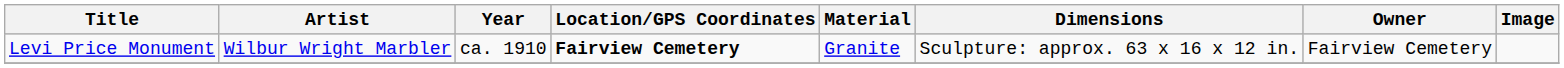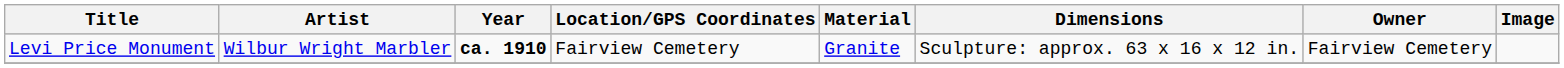 <table class="wikitable sortable">
 <tr>
 <th>Title</th>
 <th>Artist</th>
 <th>Year</th>
 <th>Location/GPS Coordinates</th>
 <th>Material</th>
 <th>Dimensions</th>
 <th>Owner</th>
 <th>Image</th>
 </tr>
 <tr>
 <td><a href='#'>Levi Price Monument</a></td>
 <td><a href='#'>Wilbur Wright Marbler</a></td>
-<td>ca. 1910</td>
-<td><strong>Fairview Cemetery</strong></td>
+<td><strong>ca. 1910</strong></td>
+<td>Fairview Cemetery</td>
 <td><a href='#'>Granite</a></td>
 <td>Sculpture: approx. 63 x 16 x 12 in.</td>
 <td>Fairview Cemetery</td>
 <td></td>
 </tr>
 <tr>
 </tr>
 </table>
